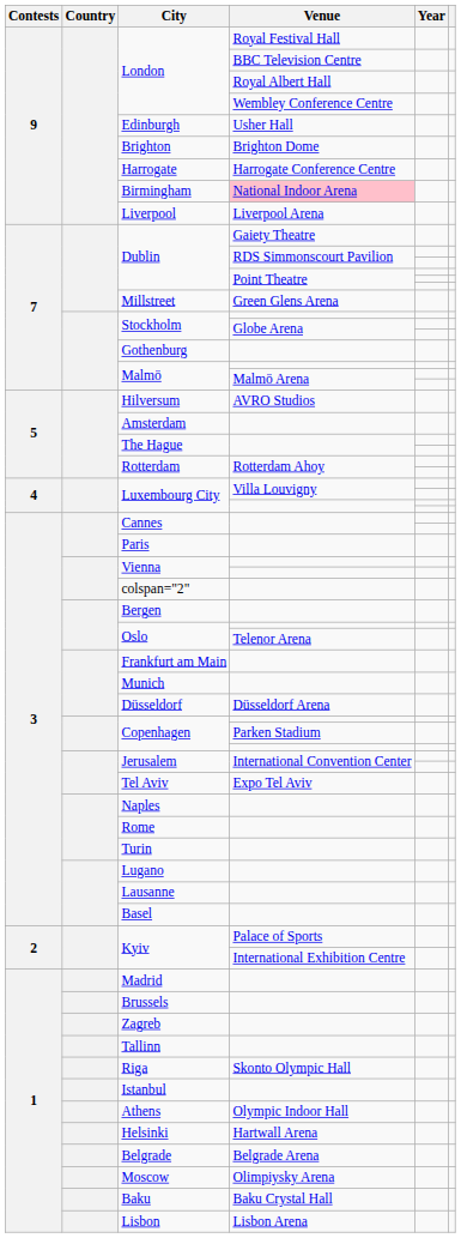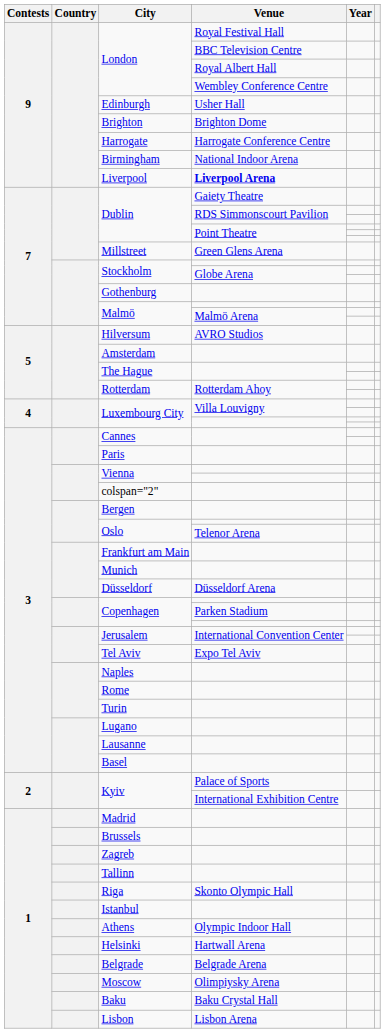 <table class="wikitable sortable plainrowheaders">
 <tr>
 <th scope="col">Contests</th>
 <th scope="col">Country</th>
 <th scope="col">City</th>
 <th scope="col">Venue</th>
 <th scope="col">Year</th>
 <th scope="col" class="unsortable"></th>
 </tr>
 <tr>
 <th rowspan="9" scope="rowgroup">9</th>
 <th rowspan="9" scope="rowgroup"></th>
 <td rowspan="4"><a href='#'>London</a></td>
 <td><a href='#'>Royal Festival Hall</a></td>
 <td></td>
 <td></td>
 </tr>
 <tr>
 <td><a href='#'>BBC Television Centre</a></td>
 <td></td>
 <td></td>
 </tr>
 <tr>
 <td><a href='#'>Royal Albert Hall</a></td>
 <td></td>
 <td></td>
 </tr>
 <tr>
 <td><a href='#'>Wembley Conference Centre</a></td>
 <td></td>
 <td></td>
 </tr>
 <tr>
 <td><a href='#'>Edinburgh</a></td>
 <td><a href='#'>Usher Hall</a></td>
 <td></td>
 <td></td>
 </tr>
 <tr>
 <td><a href='#'>Brighton</a></td>
 <td><a href='#'>Brighton Dome</a></td>
 <td></td>
 <td></td>
 </tr>
 <tr>
 <td><a href='#'>Harrogate</a></td>
 <td><a href='#'>Harrogate Conference Centre</a></td>
 <td></td>
 <td></td>
 </tr>
 <tr>
 <td><a href='#'>Birmingham</a></td>
-<td style="background: pink;"><a href='#'>National Indoor Arena</a></td>
+<td><a href='#'>National Indoor Arena</a></td>
 <td></td>
 <td></td>
 </tr>
 <tr>
 <td><a href='#'>Liverpool</a></td>
-<td><a href='#'>Liverpool Arena</a></td>
+<td><strong><a href='#'>Liverpool Arena</a></strong></td>
 <td></td>
 <td></td>
 </tr>
 <tr>
 <th rowspan="14" scope="rowgroup">7</th>
 <th rowspan="7" scope="rowgroup"></th>
 <td rowspan="6"><a href='#'>Dublin</a></td>
 <td><a href='#'>Gaiety Theatre</a></td>
 <td></td>
 <td></td>
 </tr>
 <tr>
 <td rowspan="2"><a href='#'>RDS Simmonscourt Pavilion</a></td>
 <td></td>
 <td></td>
 </tr>
 <tr>
 <td></td>
 <td></td>
 </tr>
 <tr>
 <td rowspan="3"><a href='#'>Point Theatre</a></td>
 <td></td>
 <td></td>
 </tr>
 <tr>
 <td></td>
 <td></td>
 </tr>
 <tr>
 <td></td>
 <td></td>
 </tr>
 <tr>
 <td><a href='#'>Millstreet</a></td>
 <td><a href='#'>Green Glens Arena</a></td>
 <td></td>
 <td></td>
 </tr>
 <tr>
 <th rowspan="7" scope="rowgroup"></th>
 <td rowspan="3"><a href='#'>Stockholm</a></td>
 <td></td>
 <td></td>
 <td></td>
 </tr>
 <tr>
 <td rowspan="2"><a href='#'>Globe Arena</a></td>
 <td></td>
 <td></td>
 </tr>
 <tr>
 <td></td>
 <td></td>
 </tr>
 <tr>
 <td><a href='#'>Gothenburg</a></td>
 <td></td>
 <td></td>
 <td></td>
 </tr>
 <tr>
 <td rowspan="3"><a href='#'>Malmö</a></td>
 <td></td>
 <td></td>
 <td></td>
 </tr>
 <tr>
 <td rowspan="2"><a href='#'>Malmö Arena</a></td>
 <td></td>
 <td></td>
 </tr>
 <tr>
 <td></td>
 <td></td>
 </tr>
 <tr>
 <th rowspan="6" scope="rowgroup">5</th>
 <th rowspan="6" scope="rowgroup"></th>
 <td><a href='#'>Hilversum</a></td>
 <td><a href='#'>AVRO Studios</a></td>
 <td></td>
 <td></td>
 </tr>
 <tr>
 <td><a href='#'>Amsterdam</a></td>
 <td></td>
 <td></td>
 <td></td>
 </tr>
 <tr>
 <td rowspan="2"><a href='#'>The Hague</a></td>
 <td rowspan="2"></td>
 <td></td>
 <td></td>
 </tr>
 <tr>
 <td></td>
 <td></td>
 </tr>
 <tr>
 <td rowspan="2"><a href='#'>Rotterdam</a></td>
 <td rowspan="2"><a href='#'>Rotterdam Ahoy</a></td>
 <td><s></s></td>
 <td></td>
 </tr>
 <tr>
 <td></td>
 <td></td>
 </tr>
 <tr>
 <th rowspan="4" scope="rowgroup">4</th>
 <th rowspan="4" scope="rowgroup"></th>
 <td rowspan="4"><a href='#'>Luxembourg City</a></td>
 <td rowspan="2"><a href='#'>Villa Louvigny</a></td>
 <td></td>
 <td></td>
 </tr>
 <tr>
 <td></td>
 <td></td>
 </tr>
 <tr>
 <td rowspan="2"></td>
 <td></td>
 <td></td>
 </tr>
 <tr>
 <td></td>
 <td></td>
 </tr>
 <tr>
 <th rowspan="24" scope="rowgroup">3</th>
 <th rowspan="3" scope="rowgroup"></th>
 <td rowspan="2"><a href='#'>Cannes</a></td>
 <td rowspan="2"></td>
 <td></td>
 <td></td>
 </tr>
 <tr>
 <td></td>
 <td></td>
 </tr>
 <tr>
 <td><a href='#'>Paris</a></td>
 <td></td>
 <td></td>
 <td></td>
 </tr>
 <tr>
 <th rowspan="3" scope="rowgroup"></th>
 <td rowspan="2"><a href='#'>Vienna</a></td>
 <td></td>
 <td></td>
 <td></td>
 </tr>
 <tr>
 <td></td>
 <td></td>
 <td></td>
 </tr>
 <tr>
 <td>colspan="2" </td>
 <td><em></em></td>
 <td></td>
 </tr>
 <tr>
 <th rowspan="3" scope="rowgroup"></th>
 <td><a href='#'>Bergen</a></td>
 <td></td>
 <td></td>
 <td></td>
 </tr>
 <tr>
 <td rowspan="2"><a href='#'>Oslo</a></td>
 <td></td>
 <td></td>
 <td></td>
 </tr>
 <tr>
 <td><a href='#'>Telenor Arena</a></td>
 <td></td>
 <td></td>
 </tr>
 <tr>
 <th rowspan="3" scope="rowgroup"></th>
 <td><a href='#'>Frankfurt am Main</a></td>
 <td></td>
 <td></td>
 <td></td>
 </tr>
 <tr>
 <td><a href='#'>Munich</a></td>
 <td></td>
 <td></td>
 <td></td>
 </tr>
 <tr>
 <td><a href='#'>Düsseldorf</a></td>
 <td><a href='#'>Düsseldorf Arena</a></td>
 <td></td>
 <td></td>
 </tr>
 <tr>
 <th rowspan="3" scope="rowgroup"></th>
 <td rowspan="3"><a href='#'>Copenhagen</a></td>
 <td></td>
 <td></td>
 <td></td>
 </tr>
 <tr>
 <td><a href='#'>Parken Stadium</a></td>
 <td></td>
 <td></td>
 </tr>
 <tr>
 <td></td>
 <td></td>
 <td></td>
 </tr>
 <tr>
 <th rowspan="3" scope="rowgroup"></th>
 <td rowspan="2"><a href='#'>Jerusalem</a></td>
 <td rowspan="2"><a href='#'>International Convention Center</a></td>
 <td></td>
 <td></td>
 </tr>
 <tr>
 <td></td>
 <td></td>
 </tr>
 <tr>
 <td><a href='#'>Tel Aviv</a></td>
 <td><a href='#'>Expo Tel Aviv</a></td>
 <td></td>
 <td></td>
 </tr>
 <tr>
 <th rowspan="3" scope="rowgroup"></th>
 <td><a href='#'>Naples</a></td>
 <td></td>
 <td></td>
 <td></td>
 </tr>
 <tr>
 <td><a href='#'>Rome</a></td>
 <td></td>
 <td></td>
 <td></td>
 </tr>
 <tr>
 <td><a href='#'>Turin</a></td>
 <td></td>
 <td></td>
 <td></td>
 </tr>
 <tr>
 <th rowspan="3" scope="rowgroup"></th>
 <td><a href='#'>Lugano</a></td>
 <td></td>
 <td></td>
 <td></td>
 </tr>
 <tr>
 <td><a href='#'>Lausanne</a></td>
 <td></td>
 <td></td>
 <td></td>
 </tr>
 <tr>
 <td><a href='#'>Basel</a></td>
 <td></td>
 <td></td>
 <td></td>
 </tr>
 <tr>
 <th rowspan="2" scope="rowgroup">2</th>
 <th rowspan="2" scope="rowgroup"></th>
 <td rowspan="2"><a href='#'>Kyiv</a></td>
 <td><a href='#'>Palace of Sports</a></td>
 <td></td>
 <td></td>
 </tr>
 <tr>
 <td><a href='#'>International Exhibition Centre</a></td>
 <td></td>
 <td></td>
 </tr>
 <tr>
 <th rowspan="12" scope="rowgroup">1</th>
 <th scope="rowgroup"></th>
 <td><a href='#'>Madrid</a></td>
 <td></td>
 <td></td>
 <td></td>
 </tr>
 <tr>
 <th scope="rowgroup"></th>
 <td><a href='#'>Brussels</a></td>
 <td></td>
 <td></td>
 <td></td>
 </tr>
 <tr>
 <th scope="rowgroup"> </th>
 <td><a href='#'>Zagreb</a></td>
 <td></td>
 <td></td>
 <td></td>
 </tr>
 <tr>
 <th scope="rowgroup"></th>
 <td><a href='#'>Tallinn</a></td>
 <td></td>
 <td></td>
 <td></td>
 </tr>
 <tr>
 <th scope="rowgroup"></th>
 <td><a href='#'>Riga</a></td>
 <td><a href='#'>Skonto Olympic Hall</a></td>
 <td></td>
 <td></td>
 </tr>
 <tr>
 <th scope="rowgroup"></th>
 <td><a href='#'>Istanbul</a></td>
 <td></td>
 <td></td>
 <td></td>
 </tr>
 <tr>
 <th scope="rowgroup"></th>
 <td><a href='#'>Athens</a></td>
 <td><a href='#'>Olympic Indoor Hall</a></td>
 <td></td>
 <td></td>
 </tr>
 <tr>
 <th scope="rowgroup"></th>
 <td><a href='#'>Helsinki</a></td>
 <td><a href='#'>Hartwall Arena</a></td>
 <td></td>
 <td></td>
 </tr>
 <tr>
 <th scope="rowgroup"></th>
 <td><a href='#'>Belgrade</a></td>
 <td><a href='#'>Belgrade Arena</a></td>
 <td></td>
 <td></td>
 </tr>
 <tr>
 <th scope="rowgroup"></th>
 <td><a href='#'>Moscow</a></td>
 <td><a href='#'><span>Olimpiysky</span> Arena</a></td>
 <td></td>
 <td></td>
 </tr>
 <tr>
 <th scope="rowgroup"></th>
 <td><a href='#'>Baku</a></td>
 <td><a href='#'>Baku Crystal Hall</a></td>
 <td></td>
 <td></td>
 </tr>
 <tr>
 <th scope="rowgroup"></th>
 <td><a href='#'>Lisbon</a></td>
 <td><a href='#'>Lisbon Arena</a></td>
 <td></td>
 <td></td>
 </tr>
 </table>
